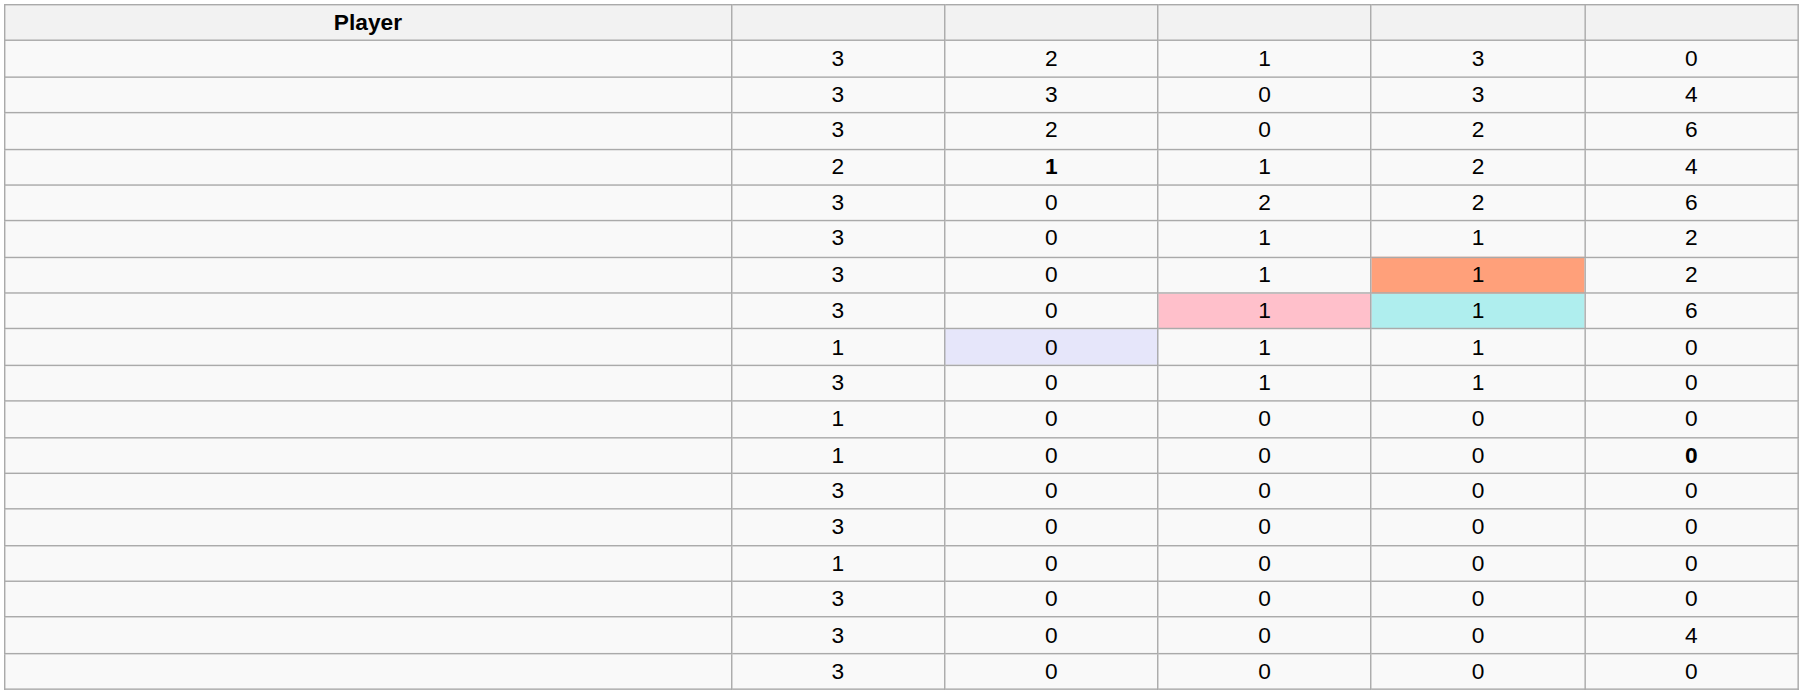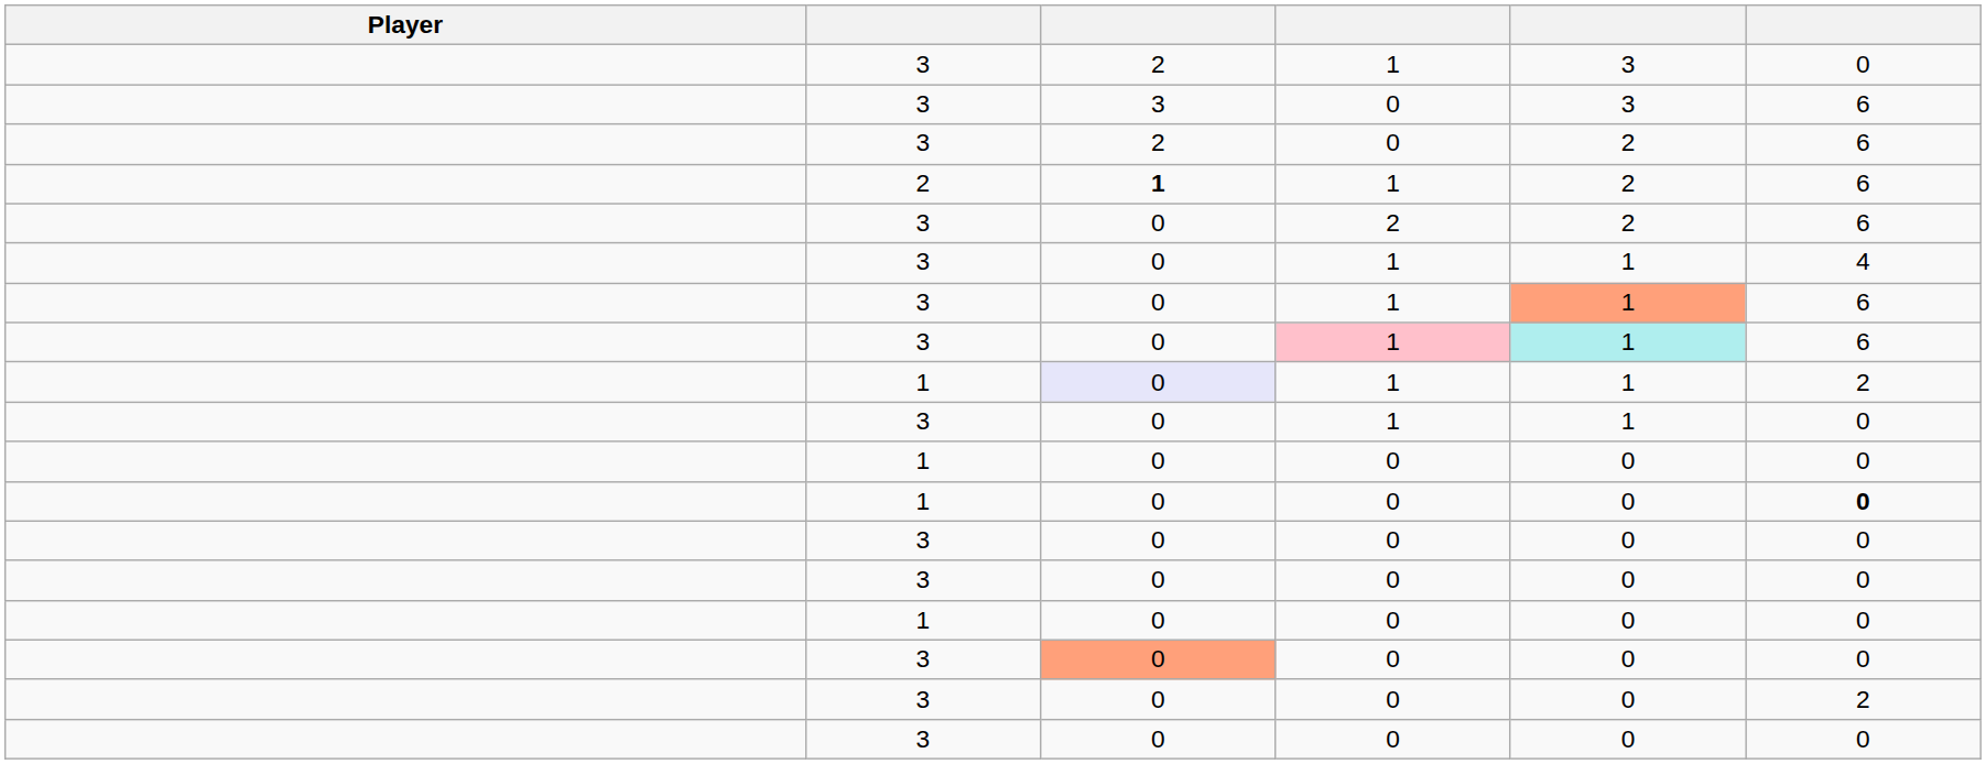 <table class="wikitable sortable" style="width:100%; text-align:center;">
 <tr>
 <th>Player</th>
 <th></th>
 <th></th>
 <th></th>
 <th></th>
 <th></th>
 </tr>
 <tr>
 <td></td>
 <td>3</td>
 <td>2</td>
 <td>1</td>
 <td>3</td>
 <td>0</td>
 </tr>
 <tr>
 <td></td>
 <td>3</td>
 <td>3</td>
 <td>0</td>
 <td>3</td>
-<td>4</td>
+<td>6</td>
 </tr>
 <tr>
 <td></td>
 <td>3</td>
 <td>2</td>
 <td>0</td>
 <td>2</td>
 <td>6</td>
 </tr>
 <tr>
 <td></td>
 <td>2</td>
 <td><strong>1</strong></td>
 <td>1</td>
 <td>2</td>
-<td>4</td>
+<td>6</td>
 </tr>
 <tr>
 <td></td>
 <td>3</td>
 <td>0</td>
 <td>2</td>
 <td>2</td>
 <td>6</td>
 </tr>
 <tr>
 <td></td>
 <td>3</td>
 <td>0</td>
 <td>1</td>
 <td>1</td>
-<td>2</td>
+<td>4</td>
 </tr>
 <tr>
 <td></td>
 <td>3</td>
 <td>0</td>
 <td>1</td>
 <td style="background: lightsalmon;">1</td>
-<td>2</td>
+<td>6</td>
 </tr>
 <tr>
 <td></td>
 <td>3</td>
 <td>0</td>
 <td style="background: pink;">1</td>
 <td style="background: paleturquoise;">1</td>
 <td>6</td>
 </tr>
 <tr>
 <td></td>
 <td>1</td>
 <td style="background: lavender;">0</td>
 <td>1</td>
 <td>1</td>
-<td>0</td>
+<td>2</td>
 </tr>
 <tr>
 <td></td>
 <td>3</td>
 <td>0</td>
 <td>1</td>
 <td>1</td>
 <td>0</td>
 </tr>
 <tr>
 <td></td>
 <td>1</td>
 <td>0</td>
 <td>0</td>
 <td>0</td>
 <td>0</td>
 </tr>
 <tr>
 <td></td>
 <td>1</td>
 <td>0</td>
 <td>0</td>
 <td>0</td>
 <td><strong>0</strong></td>
 </tr>
 <tr>
 <td></td>
 <td>3</td>
 <td>0</td>
 <td>0</td>
 <td>0</td>
 <td>0</td>
 </tr>
 <tr>
 <td></td>
 <td>3</td>
 <td>0</td>
 <td>0</td>
 <td>0</td>
 <td>0</td>
 </tr>
 <tr>
 <td></td>
 <td>1</td>
 <td>0</td>
 <td>0</td>
 <td>0</td>
 <td>0</td>
 </tr>
 <tr>
 <td></td>
 <td>3</td>
-<td>0</td>
+<td style="background: lightsalmon;">0</td>
 <td>0</td>
 <td>0</td>
 <td>0</td>
 </tr>
 <tr>
 <td></td>
 <td>3</td>
 <td>0</td>
 <td>0</td>
 <td>0</td>
-<td>4</td>
+<td>2</td>
 </tr>
 <tr>
 <td></td>
 <td>3</td>
 <td>0</td>
 <td>0</td>
 <td>0</td>
 <td>0</td>
 </tr>
 </table>
